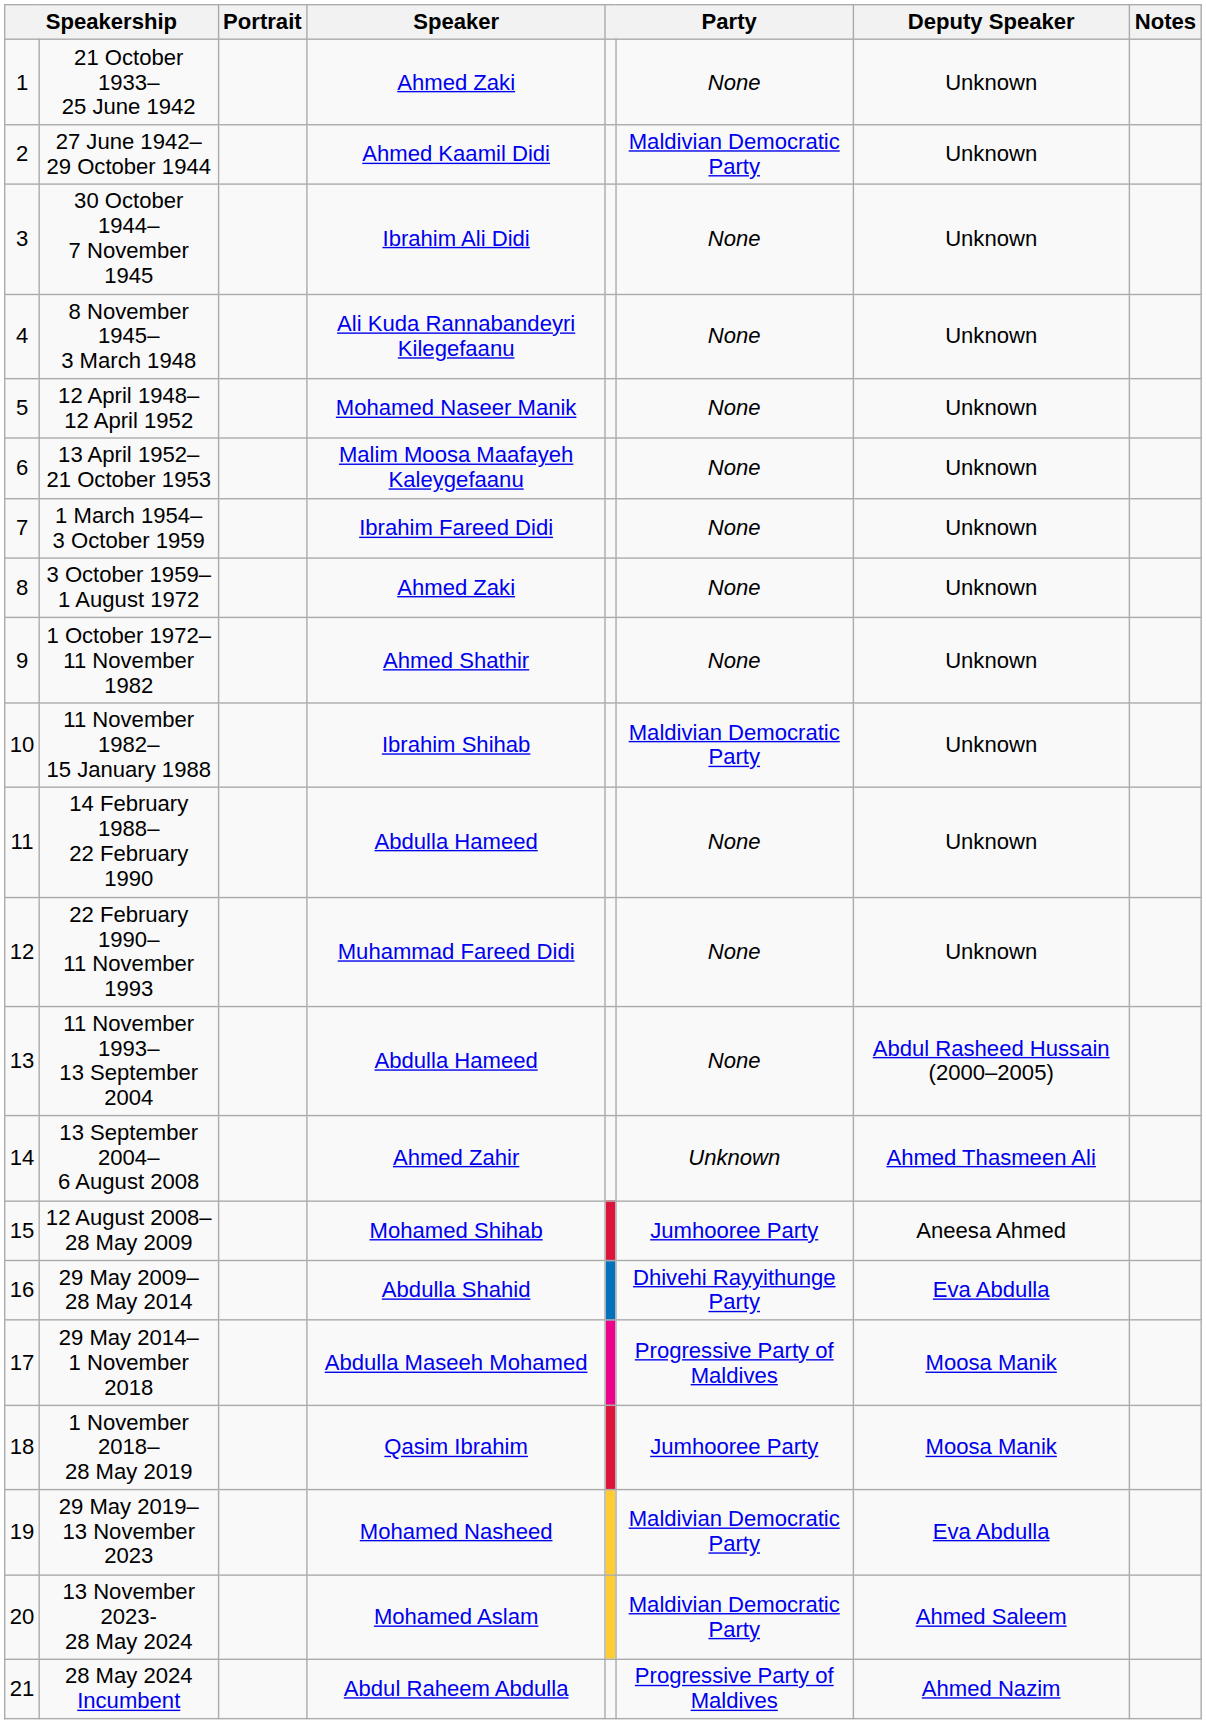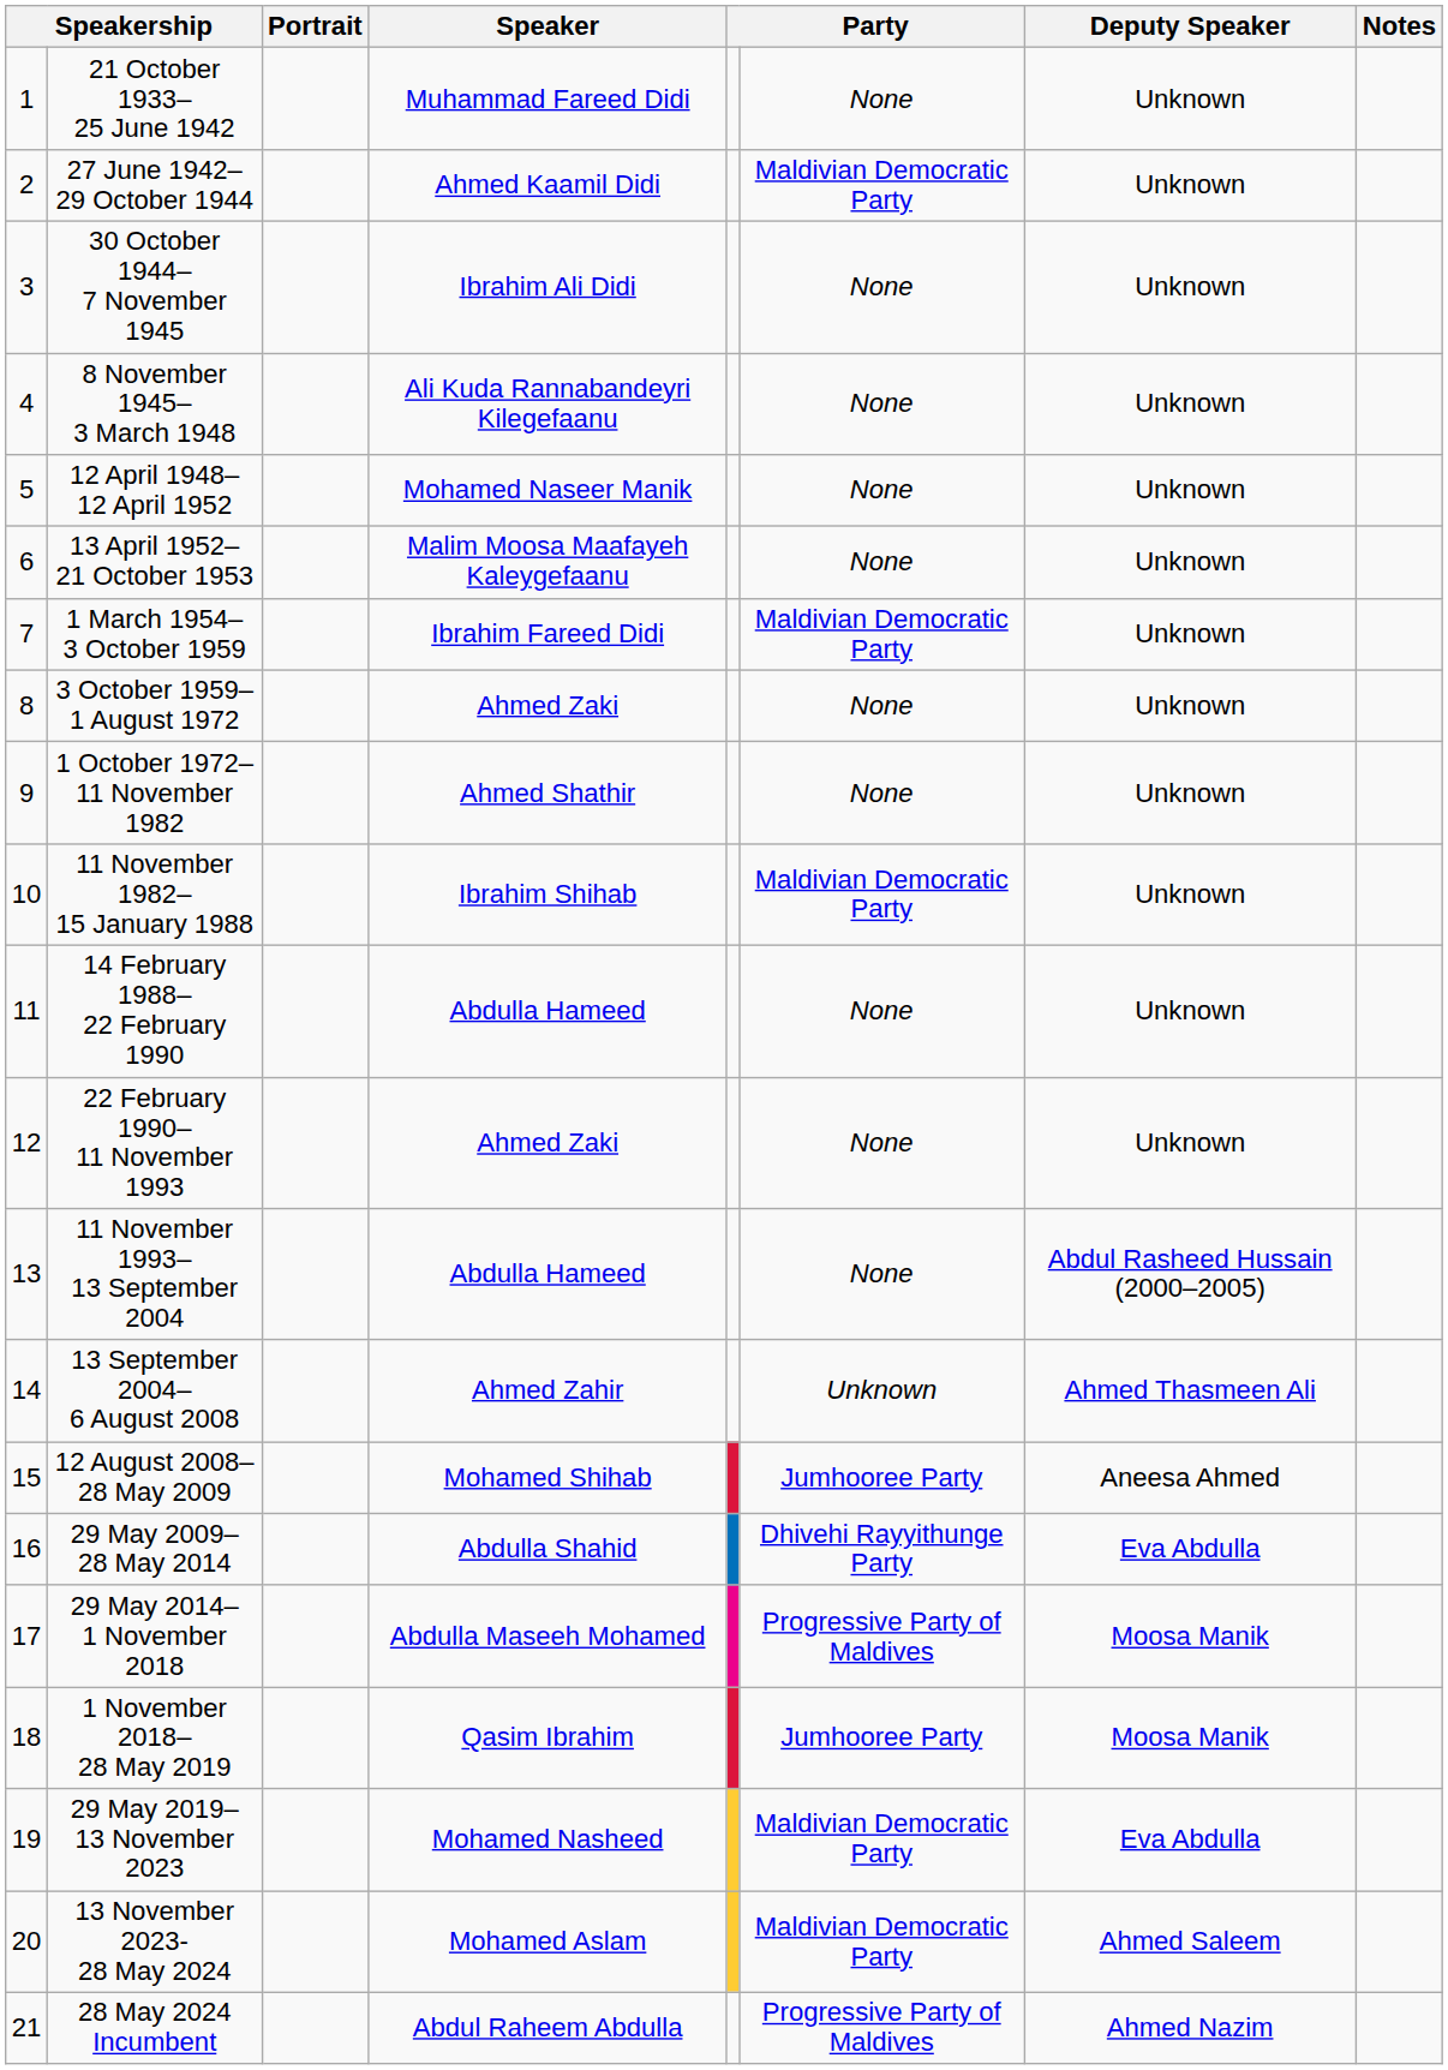 <table class="wikitable" style="text-align:center;">
 <tr>
 <th colspan=2>Speakership</th>
 <th>Portrait</th>
 <th>Speaker</th>
 <th colspan=2>Party</th>
 <th>Deputy Speaker</th>
 <th>Notes</th>
 </tr>
 <tr>
 <td>1</td>
 <td>21 October 1933–<br>25 June 1942</td>
 <td></td>
-<td><a href='#'>Ahmed Zaki</a></td>
+<td><a href='#'>Muhammad Fareed Didi</a></td>
 <td></td>
 <td><em>None</em></td>
 <td>Unknown</td>
 <td></td>
 </tr>
 <tr>
 <td>2</td>
 <td>27 June 1942–<br>29 October 1944</td>
 <td></td>
 <td><a href='#'>Ahmed Kaamil Didi</a></td>
 <td></td>
 <td><a href='#'>Maldivian Democratic Party</a></td>
 <td>Unknown</td>
 <td></td>
 </tr>
 <tr>
 <td>3</td>
 <td>30 October 1944–<br>7 November 1945</td>
 <td></td>
 <td><a href='#'>Ibrahim Ali Didi</a></td>
 <td></td>
 <td><em>None</em></td>
 <td>Unknown</td>
 <td></td>
 </tr>
 <tr>
 <td>4</td>
 <td>8 November 1945–<br>3 March 1948</td>
 <td></td>
 <td><a href='#'>Ali Kuda Rannabandeyri Kilegefaanu</a></td>
 <td></td>
 <td><em>None</em></td>
 <td>Unknown</td>
 <td></td>
 </tr>
 <tr>
 <td>5</td>
 <td>12 April 1948–<br>12 April 1952</td>
 <td></td>
 <td><a href='#'>Mohamed Naseer Manik</a></td>
 <td></td>
 <td><em>None</em></td>
 <td>Unknown</td>
 <td></td>
 </tr>
 <tr>
 <td>6</td>
 <td>13 April 1952–<br>21 October 1953</td>
 <td></td>
 <td><a href='#'>Malim Moosa Maafayeh Kaleygefaanu</a></td>
 <td></td>
 <td><em>None</em></td>
 <td>Unknown</td>
 <td></td>
 </tr>
 <tr>
 <td>7</td>
 <td>1 March 1954–<br>3 October 1959</td>
 <td></td>
 <td><a href='#'>Ibrahim Fareed Didi</a></td>
 <td></td>
-<td><em>None</em></td>
+<td><a href='#'>Maldivian Democratic Party</a></td>
 <td>Unknown</td>
 <td></td>
 </tr>
 <tr>
 <td>8</td>
 <td>3 October 1959–<br>1 August 1972</td>
 <td></td>
 <td><a href='#'>Ahmed Zaki</a></td>
 <td></td>
 <td><em>None</em></td>
 <td>Unknown</td>
 <td></td>
 </tr>
 <tr>
 <td>9</td>
 <td>1 October 1972–<br>11 November 1982</td>
 <td></td>
 <td><a href='#'>Ahmed Shathir</a></td>
 <td></td>
 <td><em>None</em></td>
 <td>Unknown</td>
 <td></td>
 </tr>
 <tr>
 <td>10</td>
 <td>11 November 1982–<br>15 January 1988</td>
 <td></td>
 <td><a href='#'>Ibrahim Shihab</a></td>
 <td></td>
 <td><a href='#'>Maldivian Democratic Party</a></td>
 <td>Unknown</td>
 <td></td>
 </tr>
 <tr>
 <td>11</td>
 <td>14 February 1988–<br>22 February 1990</td>
 <td></td>
 <td><a href='#'>Abdulla Hameed</a></td>
 <td></td>
 <td><em>None</em></td>
 <td>Unknown</td>
 <td></td>
 </tr>
 <tr>
 <td>12</td>
 <td>22 February 1990–<br>11 November 1993</td>
 <td></td>
-<td><a href='#'>Muhammad Fareed Didi</a></td>
+<td><a href='#'>Ahmed Zaki</a></td>
 <td></td>
 <td><em>None</em></td>
 <td>Unknown</td>
 <td></td>
 </tr>
 <tr>
 <td>13</td>
 <td>11 November 1993–<br>13 September 2004</td>
 <td></td>
 <td><a href='#'>Abdulla Hameed</a></td>
 <td></td>
 <td><em>None</em></td>
 <td><a href='#'>Abdul Rasheed Hussain</a> (2000–2005)</td>
 <td></td>
 </tr>
 <tr>
 <td>14</td>
 <td>13 September 2004–<br>6 August 2008</td>
 <td></td>
 <td><a href='#'>Ahmed Zahir</a></td>
 <td></td>
 <td><em>Unknown</em></td>
 <td><a href='#'>Ahmed Thasmeen Ali</a></td>
 <td></td>
 </tr>
 <tr>
 <td>15</td>
 <td>12 August 2008–<br>28 May 2009</td>
 <td></td>
 <td><a href='#'>Mohamed Shihab</a></td>
 <td style="background: #DC143C;"></td>
 <td><a href='#'>Jumhooree Party</a></td>
 <td>Aneesa Ahmed</td>
 <td></td>
 </tr>
 <tr>
 <td>16</td>
 <td>29 May 2009–<br>28 May 2014</td>
 <td></td>
 <td><a href='#'>Abdulla Shahid</a></td>
 <td style="background: #0171BB;"></td>
 <td><a href='#'>Dhivehi Rayyithunge Party</a></td>
 <td><a href='#'>Eva Abdulla</a></td>
 <td></td>
 </tr>
 <tr>
 <td>17</td>
 <td>29 May 2014–<br>1 November 2018</td>
 <td></td>
 <td><a href='#'>Abdulla Maseeh Mohamed</a></td>
 <td style="background: #EC008C;"></td>
 <td><a href='#'>Progressive Party of Maldives</a></td>
 <td><a href='#'>Moosa Manik</a></td>
 <td></td>
 </tr>
 <tr>
 <td>18</td>
 <td>1 November 2018–<br>28 May 2019</td>
 <td></td>
 <td><a href='#'>Qasim Ibrahim</a></td>
 <td style="background: #DC143C;"></td>
 <td><a href='#'>Jumhooree Party</a></td>
 <td><a href='#'>Moosa Manik</a></td>
 <td></td>
 </tr>
 <tr>
 <td>19</td>
 <td>29 May 2019–<br>13 November 2023</td>
 <td></td>
 <td><a href='#'>Mohamed Nasheed</a></td>
 <td style="background: #ffcc33;"></td>
 <td><a href='#'>Maldivian Democratic Party</a></td>
 <td><a href='#'>Eva Abdulla</a></td>
 <td></td>
 </tr>
 <tr>
 <td>20</td>
 <td>13 November 2023-<br>28 May 2024</td>
 <td></td>
 <td><a href='#'>Mohamed Aslam</a></td>
 <td style="background: #ffcc33;"></td>
 <td><a href='#'>Maldivian Democratic Party</a></td>
 <td><a href='#'>Ahmed Saleem</a></td>
 <td></td>
 </tr>
 <tr>
 <td>21</td>
 <td>28 May 2024<br><a href='#'>Incumbent</a></td>
 <td></td>
 <td><a href='#'>Abdul Raheem Abdulla</a></td>
 <td style="background:"></td>
 <td><a href='#'>Progressive Party of Maldives</a></td>
 <td><a href='#'>Ahmed Nazim</a></td>
 <td></td>
 </tr>
 </table>
